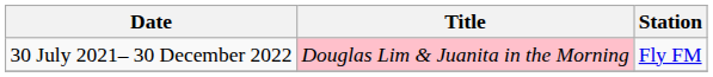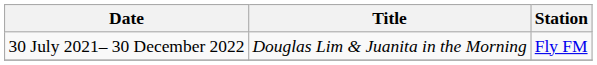 <table class="wikitable">
 <tr>
 <th>Date</th>
 <th>Title</th>
 <th>Station</th>
 </tr>
 <tr>
 <td>30 July 2021– 30 December 2022</td>
-<td style="background: pink;"><em>Douglas Lim & Juanita in the Morning</em></td>
+<td><em>Douglas Lim & Juanita in the Morning</em></td>
 <td><a href='#'>Fly FM</a></td>
 </tr>
 <tr>
 </tr>
 </table>
